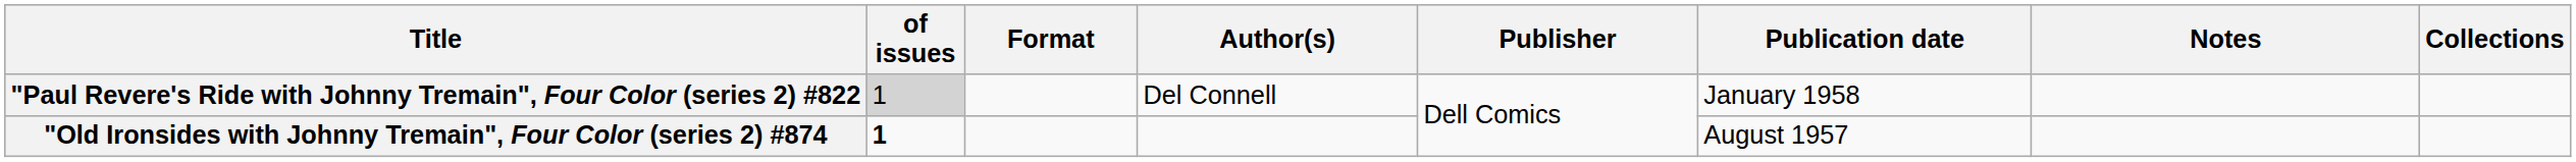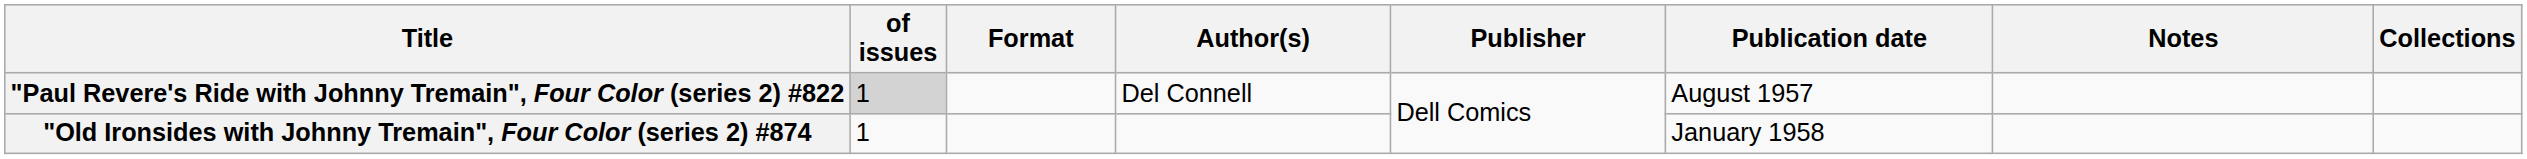 <table class="wikitable">
 <tr>
 <th>Title</th>
 <th style="width:40pt"> of issues</th>
 <th style="width:75pt">Format</th>
 <th style="width:125pt">Author(s)</th>
 <th style="width:125pt">Publisher</th>
 <th style="width:150pt">Publication date</th>
 <th style="width:175pt">Notes</th>
 <th>Collections</th>
 </tr>
 <tr>
 <th>"Paul Revere's Ride with Johnny Tremain", <em>Four Color</em> (series 2) #822</th>
 <td style="background: lightgrey;">1</td>
 <td></td>
 <td>Del Connell</td>
 <td rowspan="2">Dell Comics</td>
-<td>January 1958</td>
+<td>August 1957</td>
 <td></td>
 <td></td>
 </tr>
 <tr>
 <th>"Old Ironsides with Johnny Tremain", <em>Four Color</em> (series 2) #874</th>
-<td><strong>1</strong></td>
+<td>1</td>
 <td></td>
 <td></td>
-<td>August 1957</td>
+<td>January 1958</td>
 <td></td>
 <td></td>
 </tr>
 </table>
